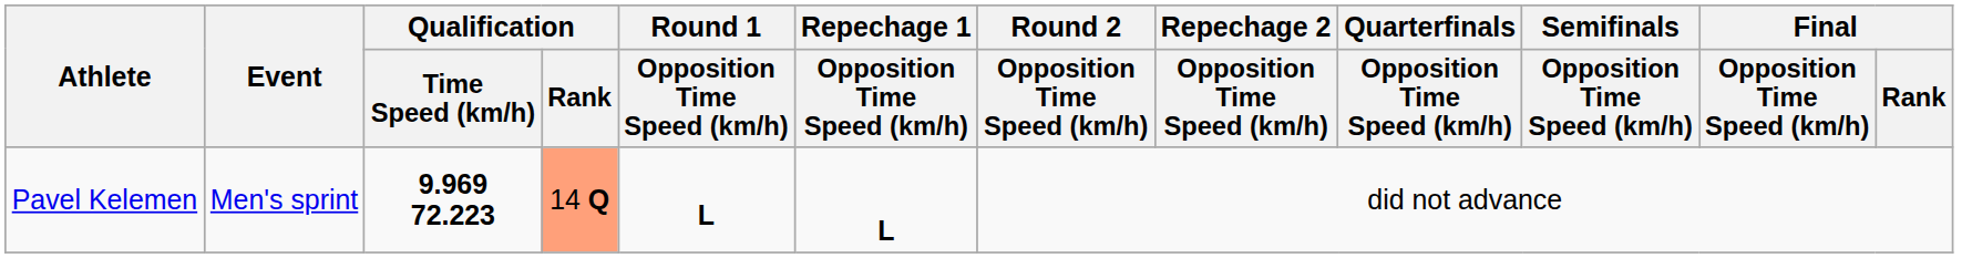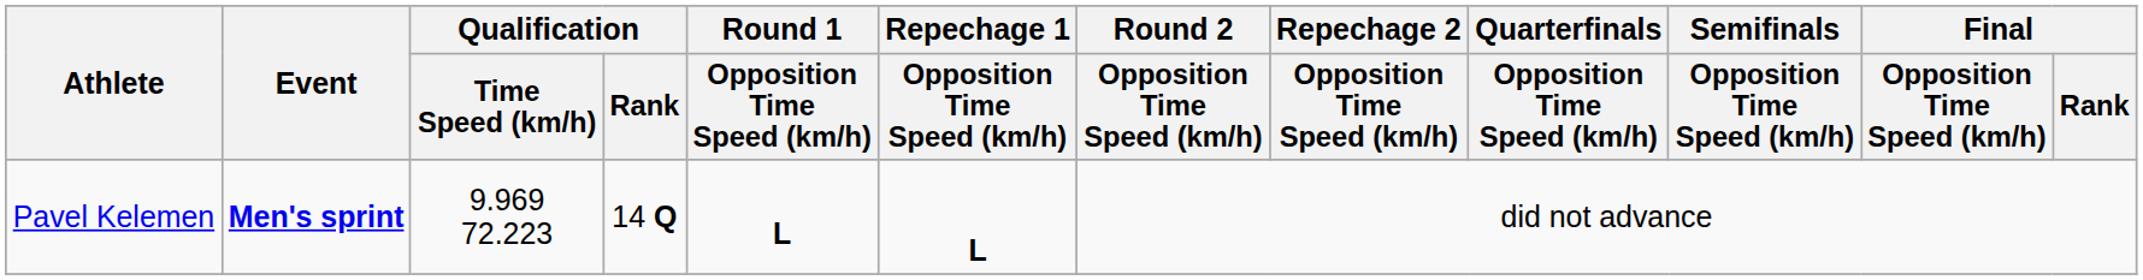 <table class="wikitable" style="font-size:90%">
 <tr>
 <th rowspan=2>Athlete</th>
 <th rowspan=2>Event</th>
 <th colspan=2>Qualification</th>
 <th>Round 1</th>
 <th>Repechage 1</th>
 <th>Round 2</th>
 <th>Repechage 2</th>
 <th>Quarterfinals</th>
 <th>Semifinals</th>
 <th colspan=2>Final</th>
 </tr>
 <tr style="font-size:95%">
 <th>Time<br>Speed (km/h)</th>
 <th>Rank</th>
 <th>Opposition<br>Time<br>Speed (km/h)</th>
 <th>Opposition<br>Time<br>Speed (km/h)</th>
 <th>Opposition<br>Time<br>Speed (km/h)</th>
 <th>Opposition<br>Time<br>Speed (km/h)</th>
 <th>Opposition<br>Time<br>Speed (km/h)</th>
 <th>Opposition<br>Time<br>Speed (km/h)</th>
 <th>Opposition<br>Time<br>Speed (km/h)</th>
 <th>Rank</th>
 </tr>
 <tr align=center>
 <td align=left><a href='#'>Pavel Kelemen</a></td>
-<td align=left><a href='#'>Men's sprint</a></td>
-<td><strong>9.969<br>72.223</strong></td>
-<td style="background: lightsalmon;">14 <strong>Q</strong></td>
+<td align=left><strong><a href='#'>Men's sprint</a></strong></td>
+<td>9.969<br>72.223</td>
+<td>14 <strong>Q</strong></td>
 <td><br><strong>L</strong></td>
 <td><br><br><strong>L</strong></td>
 <td colspan=6>did not advance</td>
 </tr>
 </table>
